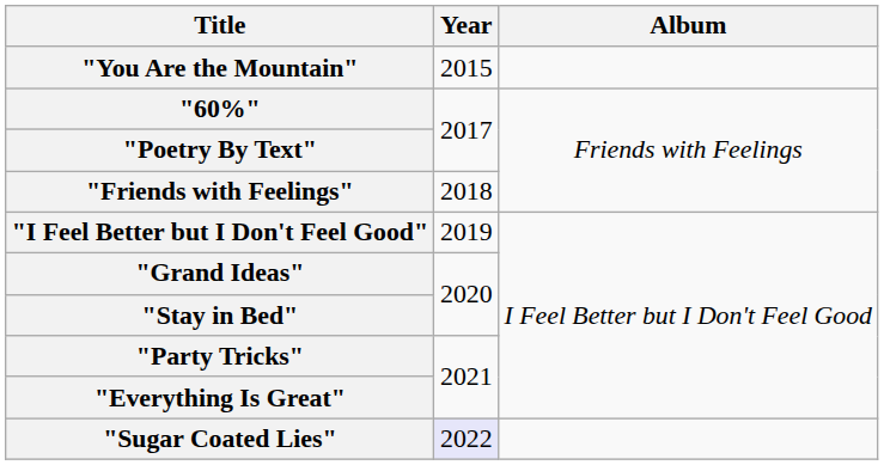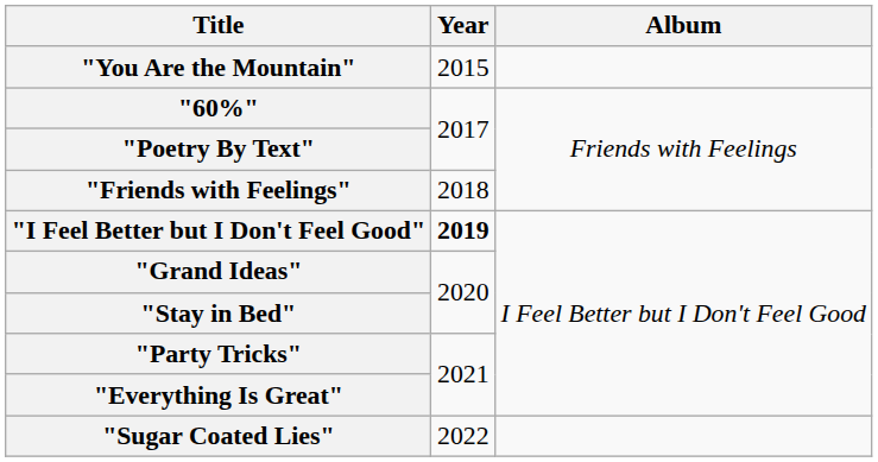 <table class="wikitable plainrowheaders" style="text-align:center;">
 <tr>
 <th scope="col">Title</th>
 <th scope="col">Year</th>
 <th scope="col">Album</th>
 </tr>
 <tr>
 <th scope="row">"You Are the Mountain"</th>
 <td>2015</td>
 <td></td>
 </tr>
 <tr>
 <th scope="row">"60%"</th>
 <td rowspan="2">2017</td>
 <td rowspan="3"><em>Friends with Feelings</em></td>
 </tr>
 <tr>
 <th scope="row">"Poetry By Text"</th>
 </tr>
 <tr>
 <th scope="row">"Friends with Feelings"</th>
 <td>2018</td>
 </tr>
 <tr>
 <th scope="row">"I Feel Better but I Don't Feel Good"</th>
-<td>2019</td>
+<td><strong>2019</strong></td>
 <td rowspan="5"><em>I Feel Better but I Don't Feel Good</em></td>
 </tr>
 <tr>
 <th scope="row">"Grand Ideas"</th>
 <td rowspan="2">2020</td>
 </tr>
 <tr>
 <th scope="row">"Stay in Bed"</th>
 </tr>
 <tr>
 <th scope="row">"Party Tricks"</th>
 <td rowspan="2">2021</td>
 </tr>
 <tr>
 <th scope="row">"Everything Is Great"</th>
 </tr>
 <tr>
 <th scope="row">"Sugar Coated Lies" </th>
-<td style="background: lavender;">2022</td>
+<td>2022</td>
 <td></td>
 </tr>
 </table>
